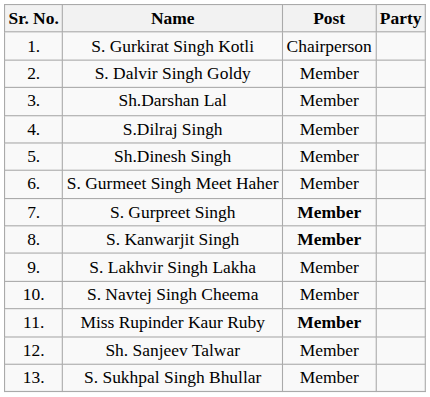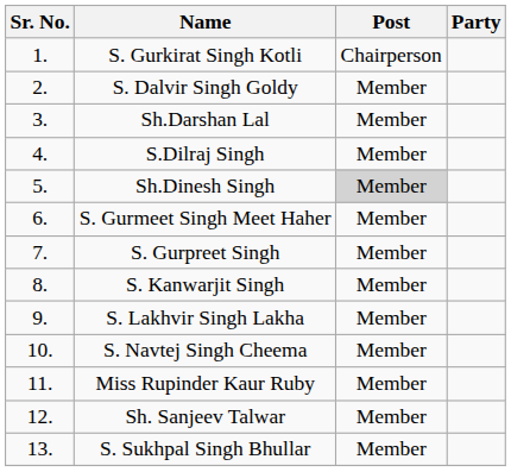 <table class="wikitable sortable">
 <tr>
 <th>Sr. No.</th>
 <th>Name</th>
 <th>Post</th>
 <th colspan="2">Party</th>
 </tr>
 <tr align="center">
 <td>1.</td>
 <td>S. Gurkirat Singh Kotli</td>
 <td>Chairperson</td>
 <td></td>
 </tr>
 <tr align="center">
 <td>2.</td>
 <td>S. Dalvir Singh Goldy</td>
 <td>Member</td>
 <td></td>
 </tr>
 <tr align="center">
 <td>3.</td>
 <td>Sh.Darshan Lal</td>
 <td>Member</td>
 <td></td>
 </tr>
 <tr align="center">
 <td>4.</td>
 <td>S.Dilraj Singh</td>
 <td>Member</td>
 <td></td>
 </tr>
 <tr align="center">
 <td>5.</td>
 <td>Sh.Dinesh Singh</td>
-<td>Member</td>
+<td style="background: lightgrey;">Member</td>
 <td></td>
 </tr>
 <tr align="center">
 <td>6.</td>
 <td>S. Gurmeet Singh Meet Haher</td>
 <td>Member</td>
 <td></td>
 </tr>
 <tr align="center">
 <td>7.</td>
 <td>S. Gurpreet Singh</td>
-<td><strong>Member</strong></td>
+<td>Member</td>
 <td></td>
 </tr>
 <tr align="center">
 <td>8.</td>
 <td>S. Kanwarjit Singh</td>
-<td><strong>Member</strong></td>
+<td>Member</td>
 <td></td>
 </tr>
 <tr align="center">
 <td>9.</td>
 <td>S. Lakhvir Singh Lakha</td>
 <td>Member</td>
 <td></td>
 </tr>
 <tr align="center">
 <td>10.</td>
 <td>S. Navtej Singh Cheema</td>
 <td>Member</td>
 <td></td>
 </tr>
 <tr align="center">
 <td>11.</td>
 <td>Miss Rupinder Kaur Ruby</td>
-<td><strong>Member</strong></td>
+<td>Member</td>
 <td></td>
 </tr>
 <tr align="center">
 <td>12.</td>
 <td>Sh. Sanjeev Talwar</td>
 <td>Member</td>
 <td></td>
 </tr>
 <tr align="center">
 <td>13.</td>
 <td>S. Sukhpal Singh Bhullar</td>
 <td>Member</td>
 <td></td>
 </tr>
 <tr align="center">
 </tr>
 </table>
